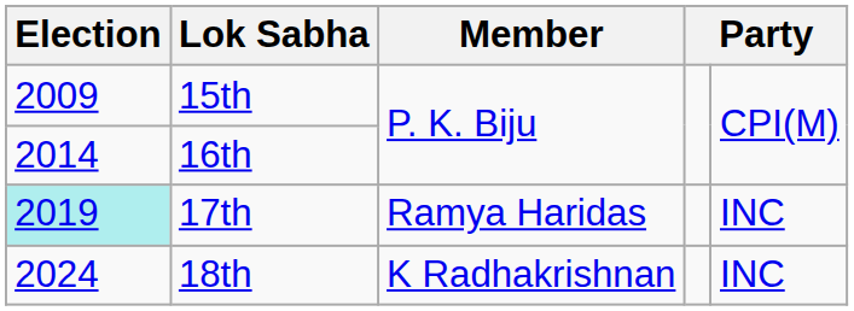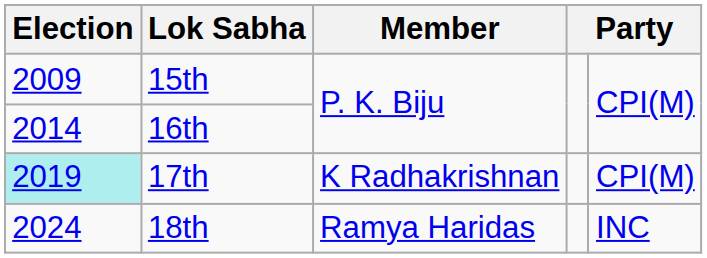 <table class="wikitable sortable">
 <tr>
 <th>Election</th>
 <th>Lok Sabha</th>
 <th>Member</th>
 <th colspan="2">Party</th>
 </tr>
 <tr>
 <td><a href='#'>2009</a></td>
 <td><a href='#'>15th</a></td>
 <td rowspan="2"><a href='#'>P. K. Biju</a></td>
 <td rowspan="2" width="4px" style="background-color: "></td>
 <td rowspan="2"><a href='#'>CPI(M)</a></td>
 </tr>
 <tr>
 <td><a href='#'>2014</a></td>
 <td><a href='#'>16th</a></td>
 </tr>
 <tr>
 <td style="background: paleturquoise;"><a href='#'>2019</a></td>
 <td><a href='#'>17th</a></td>
+<td><a href='#'>K Radhakrishnan</a></td>
+<td width="4px" style="background-color: "></td>
+<td><a href='#'>CPI(M)</a></td>
+</tr>
+<tr>
+<td><a href='#'>2024</a></td>
+<td><a href='#'>18th</a></td>
 <td><a href='#'>Ramya Haridas</a></td>
 <td width="4px" style="background-color: "></td>
 <td><a href='#'>INC</a></td>
 </tr>
-<tr>
-<td><a href='#'>2024</a></td>
-<td><a href='#'>18th</a></td>
-<td><a href='#'>K Radhakrishnan</a></td>
-<td width="4px" style="background-color: "></td>
-<td><a href='#'>INC</a></td>
-</tr>
 </table>
